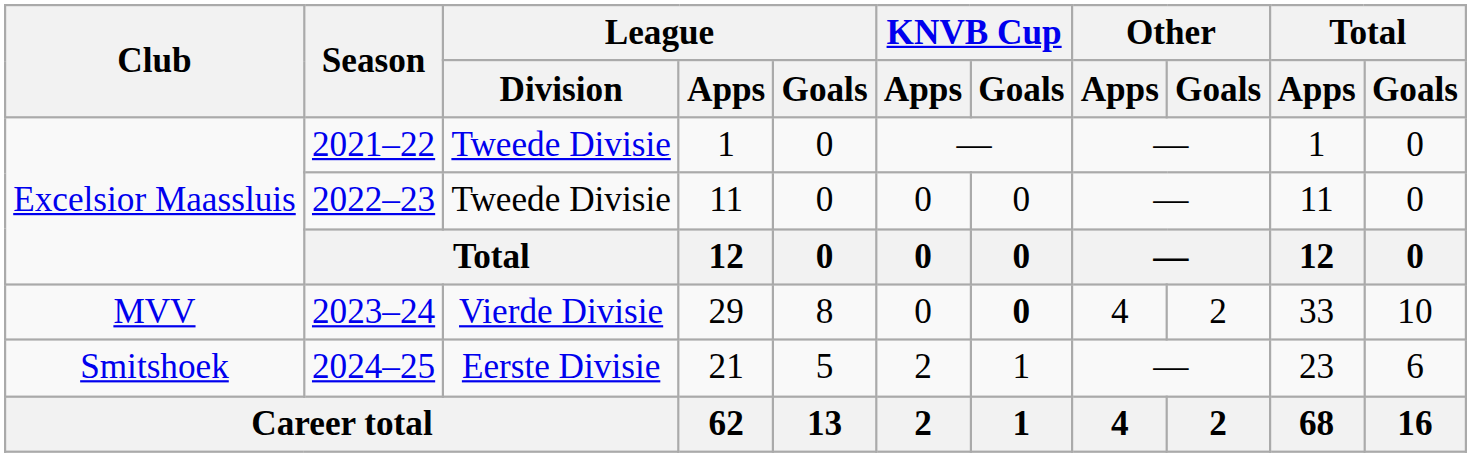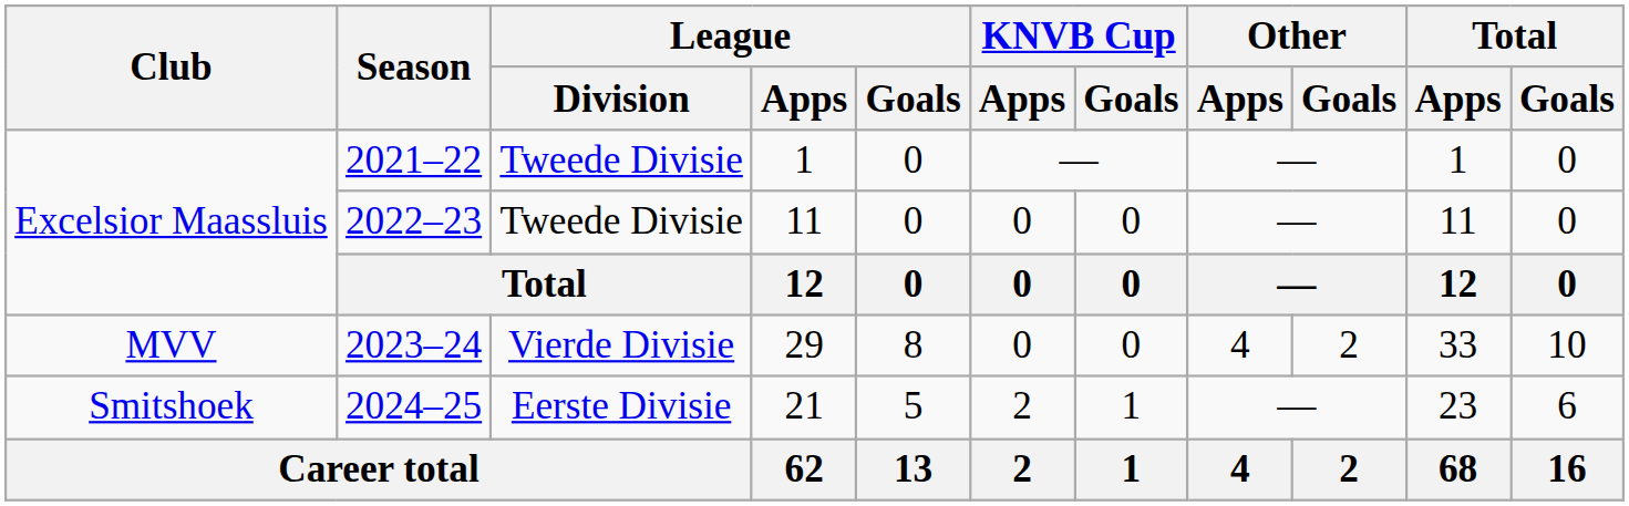 <table class="wikitable" style="text-align:center">
 <tr>
 <th rowspan="2">Club</th>
 <th rowspan="2">Season</th>
 <th colspan="3">League</th>
 <th colspan="2"><a href='#'>KNVB Cup</a></th>
 <th colspan="2">Other</th>
 <th colspan="2">Total</th>
 </tr>
 <tr>
 <th>Division</th>
 <th>Apps</th>
 <th>Goals</th>
 <th>Apps</th>
 <th>Goals</th>
 <th>Apps</th>
 <th>Goals</th>
 <th>Apps</th>
 <th>Goals</th>
 </tr>
 <tr>
 <td rowspan="3"><a href='#'>Excelsior Maassluis</a></td>
 <td><a href='#'>2021–22</a></td>
 <td><a href='#'>Tweede Divisie</a></td>
 <td>1</td>
 <td>0</td>
 <td colspan="2">—</td>
 <td colspan="2">—</td>
 <td>1</td>
 <td>0</td>
 </tr>
 <tr>
 <td><a href='#'>2022–23</a></td>
 <td>Tweede Divisie</td>
 <td>11</td>
 <td>0</td>
 <td>0</td>
 <td>0</td>
 <td colspan="2">—</td>
 <td>11</td>
 <td>0</td>
 </tr>
 <tr>
 <th colspan="2">Total</th>
 <th>12</th>
 <th>0</th>
 <th>0</th>
 <th>0</th>
 <th colspan="2">—</th>
 <th>12</th>
 <th>0</th>
 </tr>
 <tr>
 <td rowspan="1"><a href='#'>MVV</a></td>
 <td><a href='#'>2023–24</a></td>
 <td><a href='#'>Vierde Divisie</a></td>
 <td>29</td>
 <td>8</td>
 <td>0</td>
-<td><strong>0</strong></td>
+<td>0</td>
 <td>4</td>
 <td>2</td>
 <td>33</td>
 <td>10</td>
 </tr>
 <tr>
 <td><a href='#'>Smitshoek</a></td>
 <td><a href='#'>2024–25</a></td>
 <td><a href='#'>Eerste Divisie</a></td>
 <td>21</td>
 <td>5</td>
 <td>2</td>
 <td>1</td>
 <td colspan="2">—</td>
 <td>23</td>
 <td>6</td>
 </tr>
 <tr>
 <th colspan="3">Career total</th>
 <th>62</th>
 <th>13</th>
 <th>2</th>
 <th>1</th>
 <th>4</th>
 <th>2</th>
 <th>68</th>
 <th>16</th>
 </tr>
 </table>
